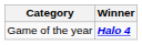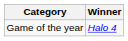 <table class="wikitable">
 <tr>
 <th>Category</th>
 <th>Winner</th>
 </tr>
 <tr>
 <td>Game of the year</td>
-<td><strong><em><a href='#'>Halo 4</a></em></strong></td>
+<td><em><a href='#'>Halo 4</a></em></td>
 </tr>
 </table>
